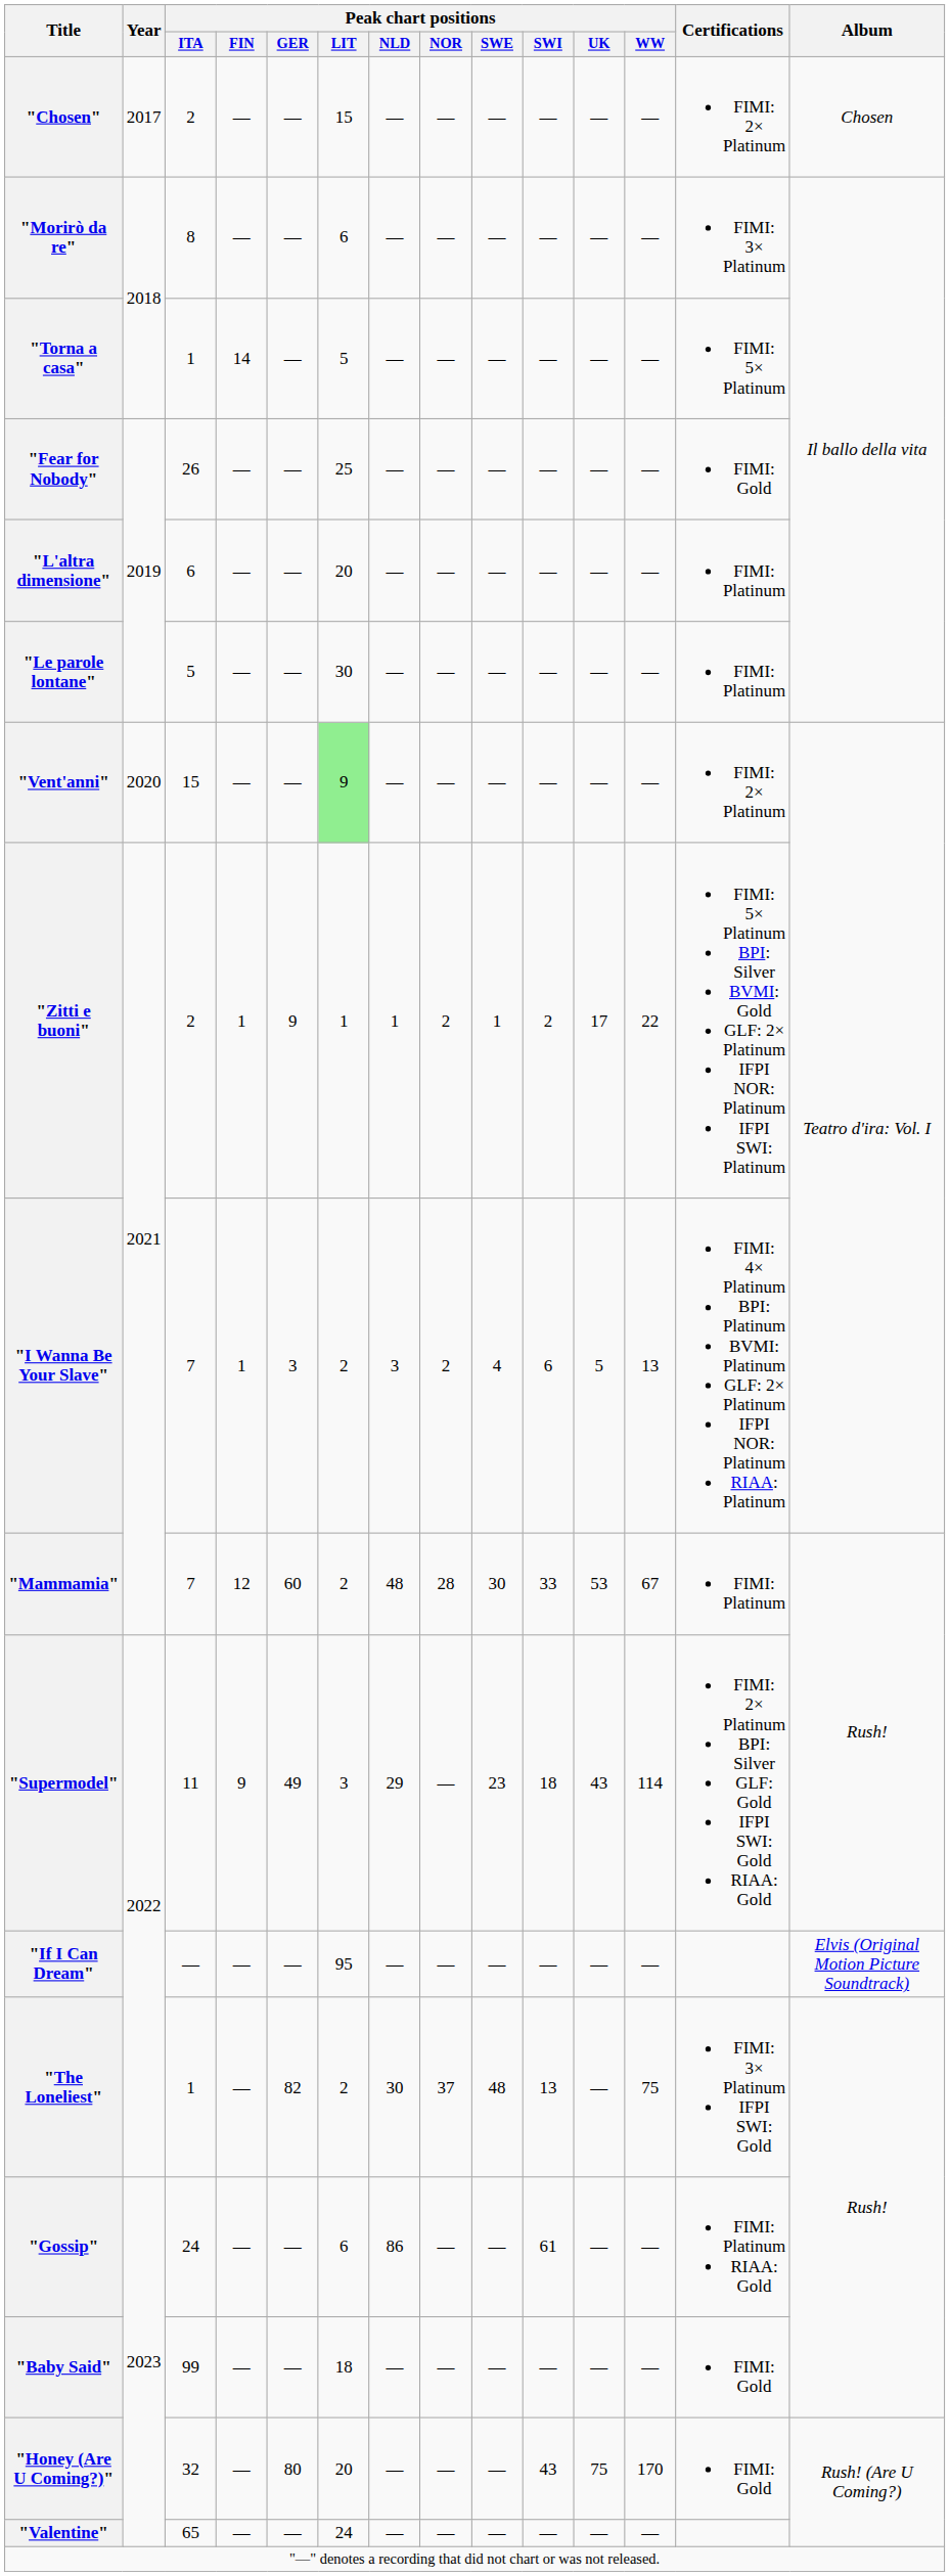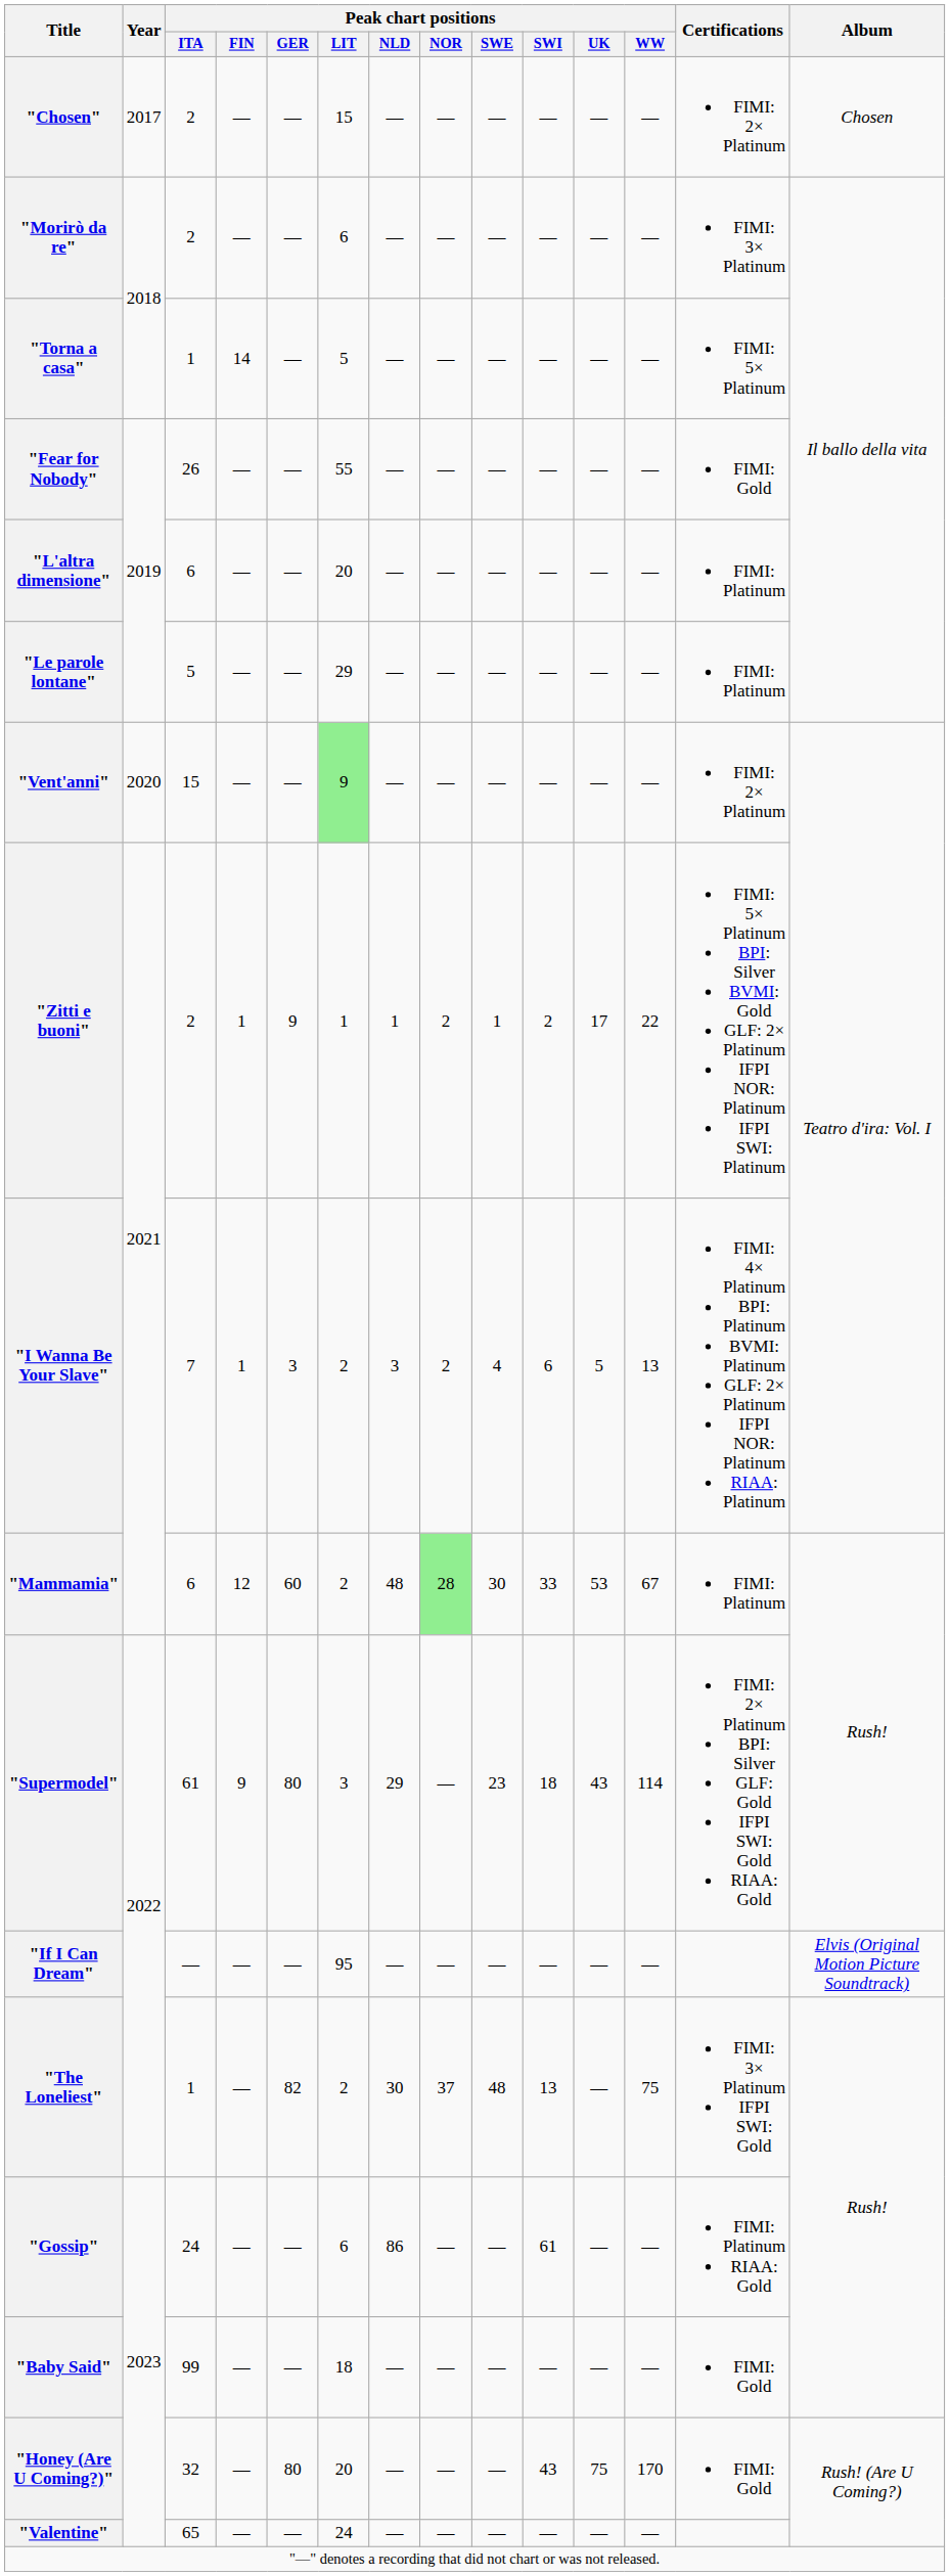 <table class="wikitable plainrowheaders" style="text-align:center;">
 <tr>
 <th scope="col" rowspan="2">Title</th>
 <th scope="col" rowspan="2">Year</th>
 <th scope="col" colspan="10">Peak chart positions</th>
 <th scope="col" rowspan="2">Certifications</th>
 <th scope="col" rowspan="2" style="width:8.5em;">Album</th>
 </tr>
 <tr>
 <th scope="col" style="width:3em;font-size:85%;"><a href='#'>ITA</a><br></th>
 <th scope="col" style="width:3em;font-size:85%;"><a href='#'>FIN</a><br></th>
 <th scope="col" style="width:3em;font-size:85%;"><a href='#'>GER</a><br></th>
 <th scope="col" style="width:3em;font-size:85%;"><a href='#'>LIT</a><br></th>
 <th scope="col" style="width:3em;font-size:85%;"><a href='#'>NLD</a><br></th>
 <th scope="col" style="width:3em;font-size:85%;"><a href='#'>NOR</a><br></th>
 <th scope="col" style="width:3em;font-size:85%;"><a href='#'>SWE</a><br></th>
 <th scope="col" style="width:3em;font-size:85%;"><a href='#'>SWI</a><br></th>
 <th scope="col" style="width:3em;font-size:85%;"><a href='#'>UK</a><br></th>
 <th scope="col" style="width:3em;font-size:85%;"><a href='#'>WW</a><br></th>
 </tr>
 <tr>
 <th scope="row">"<a href='#'>Chosen</a>"</th>
 <td>2017</td>
 <td>2</td>
 <td>—</td>
 <td>—</td>
 <td>15</td>
 <td>—</td>
 <td>—</td>
 <td>—</td>
 <td>—</td>
 <td>—</td>
 <td>—</td>
 <td><br><ul><li>FIMI: 2× Platinum</li></ul></td>
 <td><em>Chosen</em></td>
 </tr>
 <tr>
 <th scope="row">"<a href='#'>Morirò da re</a>"</th>
 <td rowspan="2">2018</td>
-<td>8</td>
+<td>2</td>
 <td>—</td>
 <td>—</td>
 <td>6</td>
 <td>—</td>
 <td>—</td>
 <td>—</td>
 <td>—</td>
 <td>—</td>
 <td>—</td>
 <td><br><ul><li>FIMI: 3× Platinum</li></ul></td>
 <td rowspan="5"><em>Il ballo della vita</em></td>
 </tr>
 <tr>
 <th scope="row">"<a href='#'>Torna a casa</a>"</th>
 <td>1</td>
 <td>14</td>
 <td>—</td>
 <td>5</td>
 <td>—</td>
 <td>—</td>
 <td>—</td>
 <td>—</td>
 <td>—</td>
 <td>—</td>
 <td><br><ul><li>FIMI: 5× Platinum</li></ul></td>
 </tr>
 <tr>
 <th scope="row">"<a href='#'>Fear for Nobody</a>"</th>
 <td rowspan="3">2019</td>
 <td>26</td>
 <td>—</td>
 <td>—</td>
-<td>25</td>
+<td>55</td>
 <td>—</td>
 <td>—</td>
 <td>—</td>
 <td>—</td>
 <td>—</td>
 <td>—</td>
 <td><br><ul><li>FIMI: Gold</li></ul></td>
 </tr>
 <tr>
 <th scope="row">"<a href='#'>L'altra dimensione</a>"</th>
 <td>6</td>
 <td>—</td>
 <td>—</td>
 <td>20</td>
 <td>—</td>
 <td>—</td>
 <td>—</td>
 <td>—</td>
 <td>—</td>
 <td>—</td>
 <td><br><ul><li>FIMI: Platinum</li></ul></td>
 </tr>
 <tr>
 <th scope="row">"<a href='#'>Le parole lontane</a>"</th>
 <td>5</td>
 <td>—</td>
 <td>—</td>
-<td>30</td>
+<td>29</td>
 <td>—</td>
 <td>—</td>
 <td>—</td>
 <td>—</td>
 <td>—</td>
 <td>—</td>
 <td><br><ul><li>FIMI: Platinum</li></ul></td>
 </tr>
 <tr>
 <th scope="row">"<a href='#'>Vent'anni</a>"</th>
 <td>2020</td>
 <td>15</td>
 <td>—</td>
 <td>—</td>
 <td style="background: lightgreen;">9</td>
 <td>—</td>
 <td>—</td>
 <td>—</td>
 <td>—</td>
 <td>—</td>
 <td>—</td>
 <td><br><ul><li>FIMI: 2× Platinum</li></ul></td>
 <td rowspan="3"><em>Teatro d'ira: Vol. I</em></td>
 </tr>
 <tr>
 <th scope="row">"<a href='#'>Zitti e buoni</a>"</th>
 <td rowspan="3">2021</td>
 <td>2</td>
 <td>1</td>
 <td>9</td>
 <td>1</td>
 <td>1</td>
 <td>2</td>
 <td>1</td>
 <td>2</td>
 <td>17</td>
 <td>22</td>
 <td><br><ul><li>FIMI: 5× Platinum</li><li><a href='#'>BPI</a>: Silver</li><li><a href='#'>BVMI</a>: Gold</li><li>GLF: 2× Platinum</li><li>IFPI NOR: Platinum</li><li>IFPI SWI: Platinum</li></ul></td>
 </tr>
 <tr>
 <th scope="row">"<a href='#'>I Wanna Be Your Slave</a>"</th>
 <td>7</td>
 <td>1</td>
 <td>3</td>
 <td>2</td>
 <td>3</td>
 <td>2</td>
 <td>4</td>
 <td>6</td>
 <td>5</td>
 <td>13</td>
 <td><br><ul><li>FIMI: 4× Platinum</li><li>BPI: Platinum</li><li>BVMI: Platinum</li><li>GLF: 2× Platinum</li><li>IFPI NOR: Platinum</li><li><a href='#'>RIAA</a>: Platinum</li></ul></td>
 </tr>
 <tr>
 <th scope="row">"<a href='#'>Mammamia</a>"</th>
-<td>7</td>
+<td>6</td>
 <td>12</td>
 <td>60</td>
 <td>2</td>
 <td>48</td>
-<td>28</td>
+<td style="background: lightgreen;">28</td>
 <td>30</td>
 <td>33</td>
 <td>53</td>
 <td>67</td>
 <td><br><ul><li>FIMI: Platinum</li></ul></td>
 <td rowspan="2"><em>Rush!</em></td>
 </tr>
 <tr>
 <th scope="row">"<a href='#'>Supermodel</a>"</th>
 <td rowspan="3">2022</td>
-<td>11</td>
+<td>61</td>
 <td>9</td>
-<td>49</td>
+<td>80</td>
 <td>3</td>
 <td>29</td>
 <td>—</td>
 <td>23</td>
 <td>18</td>
 <td>43</td>
 <td>114</td>
 <td><br><ul><li>FIMI: 2× Platinum</li><li>BPI: Silver</li><li>GLF: Gold</li><li>IFPI SWI: Gold</li><li>RIAA: Gold</li></ul></td>
 </tr>
 <tr>
 <th scope="row">"<a href='#'>If I Can Dream</a>"</th>
 <td>—</td>
 <td>—</td>
 <td>—</td>
 <td>95</td>
 <td>—</td>
 <td>—</td>
 <td>—</td>
 <td>—</td>
 <td>—</td>
 <td>—</td>
 <td></td>
 <td><em><a href='#'>Elvis (Original Motion Picture Soundtrack)</a></em></td>
 </tr>
 <tr>
 <th scope="row">"<a href='#'>The Loneliest</a>"</th>
 <td>1</td>
 <td>—</td>
 <td>82</td>
 <td>2</td>
 <td>30</td>
 <td>37</td>
 <td>48</td>
 <td>13</td>
 <td>—</td>
 <td>75</td>
 <td><br><ul><li>FIMI: 3× Platinum</li><li>IFPI SWI: Gold</li></ul></td>
 <td rowspan="3"><em>Rush!</em></td>
 </tr>
 <tr>
 <th scope="row">"<a href='#'>Gossip</a>"<br></th>
 <td rowspan="4">2023</td>
 <td>24</td>
 <td>—</td>
 <td>—</td>
 <td>6</td>
 <td>86</td>
 <td>—</td>
 <td>—</td>
 <td>61</td>
 <td>—</td>
 <td>—</td>
 <td><br><ul><li>FIMI: Platinum</li><li>RIAA: Gold</li></ul></td>
 </tr>
 <tr>
 <th scope="row">"<a href='#'>Baby Said</a>"</th>
 <td>99</td>
 <td>—</td>
 <td>—</td>
 <td>18</td>
 <td>—</td>
 <td>—</td>
 <td>—</td>
 <td>—</td>
 <td>—</td>
 <td>—</td>
 <td><br><ul><li>FIMI: Gold</li></ul></td>
 </tr>
 <tr>
 <th scope="row">"<a href='#'>Honey (Are U Coming?)</a>"</th>
 <td>32</td>
 <td>—</td>
 <td>80</td>
 <td>20</td>
 <td>—</td>
 <td>—</td>
 <td>—</td>
 <td>43</td>
 <td>75</td>
 <td>170</td>
 <td><br><ul><li>FIMI: Gold</li></ul></td>
 <td rowspan="2"><em>Rush! (Are U Coming?)</em></td>
 </tr>
 <tr>
 <th scope="row">"<a href='#'>Valentine</a>"</th>
 <td>65</td>
 <td>—</td>
 <td>—</td>
 <td>24</td>
 <td>—</td>
 <td>—</td>
 <td>—</td>
 <td>—</td>
 <td>—</td>
 <td>—</td>
 <td></td>
 </tr>
 <tr>
 <td colspan="20" style="font-size:85%;">"—" denotes a recording that did not chart or was not released.</td>
 </tr>
 </table>
